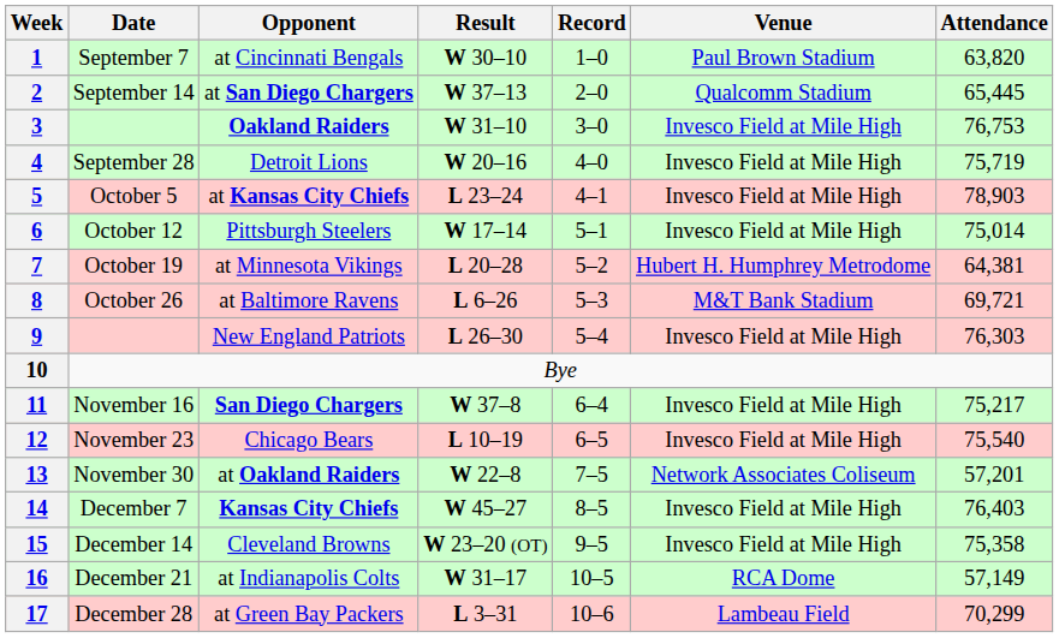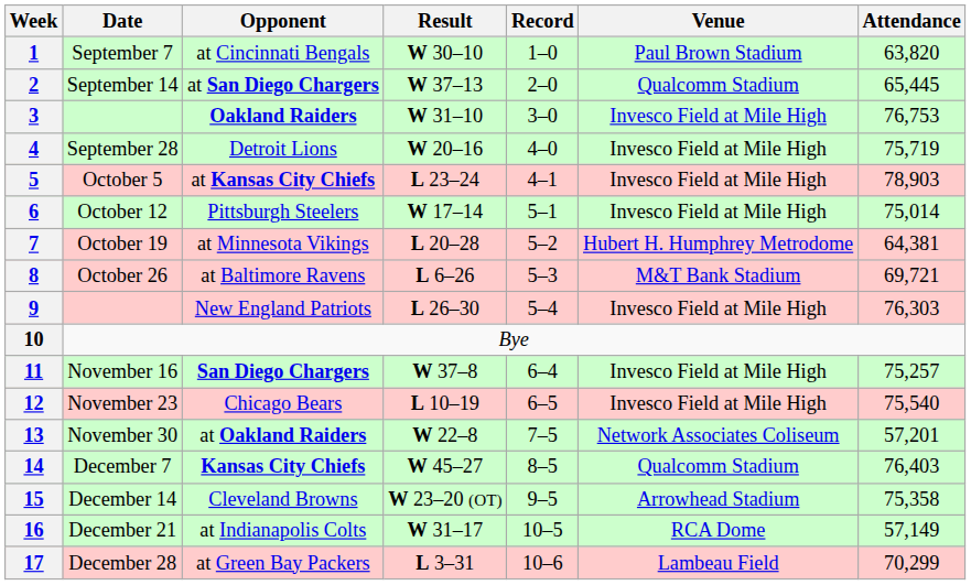 <table class="wikitable" style="text-align:center">
 <tr>
 <th>Week</th>
 <th>Date</th>
 <th>Opponent</th>
 <th>Result</th>
 <th>Record</th>
 <th>Venue</th>
 <th>Attendance</th>
 </tr>
 <tr style="background:#cfc">
 <th><a href='#'>1</a></th>
 <td>September 7</td>
 <td>at <a href='#'>Cincinnati Bengals</a></td>
 <td><strong>W</strong> 30–10</td>
 <td>1–0</td>
 <td><a href='#'>Paul Brown Stadium</a></td>
 <td>63,820</td>
 </tr>
 <tr style="background:#cfc">
 <th><a href='#'>2</a></th>
 <td>September 14</td>
 <td>at <strong><a href='#'>San Diego Chargers</a></strong></td>
 <td><strong>W</strong> 37–13</td>
 <td>2–0</td>
 <td><a href='#'>Qualcomm Stadium</a></td>
 <td>65,445</td>
 </tr>
 <tr style="background:#cfc">
 <th><a href='#'>3</a></th>
 <td></td>
 <td><strong><a href='#'>Oakland Raiders</a></strong></td>
 <td><strong>W</strong> 31–10</td>
 <td>3–0</td>
 <td><a href='#'>Invesco Field at Mile High</a></td>
 <td>76,753</td>
 </tr>
 <tr style="background:#cfc">
 <th><a href='#'>4</a></th>
 <td>September 28</td>
 <td><a href='#'>Detroit Lions</a></td>
 <td><strong>W</strong> 20–16</td>
 <td>4–0</td>
 <td>Invesco Field at Mile High</td>
 <td>75,719</td>
 </tr>
 <tr style="background:#fcc">
 <th><a href='#'>5</a></th>
 <td>October 5</td>
 <td>at <strong><a href='#'>Kansas City Chiefs</a></strong></td>
 <td><strong>L</strong> 23–24</td>
 <td>4–1</td>
 <td>Invesco Field at Mile High</td>
 <td>78,903</td>
 </tr>
 <tr style="background:#cfc">
 <th><a href='#'>6</a></th>
 <td>October 12</td>
 <td><a href='#'>Pittsburgh Steelers</a></td>
 <td><strong>W</strong> 17–14</td>
 <td>5–1</td>
 <td>Invesco Field at Mile High</td>
 <td>75,014</td>
 </tr>
 <tr style="background:#fcc">
 <th><a href='#'>7</a></th>
 <td>October 19</td>
 <td>at <a href='#'>Minnesota Vikings</a></td>
 <td><strong>L</strong> 20–28</td>
 <td>5–2</td>
 <td><a href='#'>Hubert H. Humphrey Metrodome</a></td>
 <td>64,381</td>
 </tr>
 <tr style="background:#fcc">
 <th><a href='#'>8</a></th>
 <td>October 26</td>
 <td>at <a href='#'>Baltimore Ravens</a></td>
 <td><strong>L</strong> 6–26</td>
 <td>5–3</td>
 <td><a href='#'>M&T Bank Stadium</a></td>
 <td>69,721</td>
 </tr>
 <tr style="background:#fcc">
 <th><a href='#'>9</a></th>
 <td></td>
 <td><a href='#'>New England Patriots</a></td>
 <td><strong>L</strong> 26–30</td>
 <td>5–4</td>
 <td>Invesco Field at Mile High</td>
 <td>76,303</td>
 </tr>
 <tr>
 <th>10</th>
 <td colspan=6 align="center"><em>Bye</em></td>
 </tr>
 <tr style="background:#cfc">
 <th><a href='#'>11</a></th>
 <td>November 16</td>
 <td><strong><a href='#'>San Diego Chargers</a></strong></td>
 <td><strong>W</strong> 37–8</td>
 <td>6–4</td>
 <td>Invesco Field at Mile High</td>
-<td>75,217</td>
+<td>75,257</td>
 </tr>
 <tr style="background:#fcc">
 <th><a href='#'>12</a></th>
 <td>November 23</td>
 <td><a href='#'>Chicago Bears</a></td>
 <td><strong>L</strong> 10–19</td>
 <td>6–5</td>
 <td>Invesco Field at Mile High</td>
 <td>75,540</td>
 </tr>
 <tr style="background:#cfc">
 <th><a href='#'>13</a></th>
 <td>November 30</td>
 <td>at <strong><a href='#'>Oakland Raiders</a></strong></td>
 <td><strong>W</strong> 22–8</td>
 <td>7–5</td>
 <td><a href='#'>Network Associates Coliseum</a></td>
 <td>57,201</td>
 </tr>
 <tr style="background:#cfc">
 <th><a href='#'>14</a></th>
 <td>December 7</td>
 <td><strong><a href='#'>Kansas City Chiefs</a></strong></td>
 <td><strong>W</strong> 45–27</td>
 <td>8–5</td>
-<td>Invesco Field at Mile High</td>
+<td><a href='#'>Qualcomm Stadium</a></td>
 <td>76,403</td>
 </tr>
 <tr style="background:#cfc">
 <th><a href='#'>15</a></th>
 <td>December 14</td>
 <td><a href='#'>Cleveland Browns</a></td>
 <td><strong>W</strong> 23–20 <small>(OT)</small></td>
 <td>9–5</td>
-<td>Invesco Field at Mile High</td>
+<td><a href='#'>Arrowhead Stadium</a></td>
 <td>75,358</td>
 </tr>
 <tr style="background:#cfc">
 <th><a href='#'>16</a></th>
 <td>December 21</td>
 <td>at <a href='#'>Indianapolis Colts</a></td>
 <td><strong>W</strong> 31–17</td>
 <td>10–5</td>
 <td><a href='#'>RCA Dome</a></td>
 <td>57,149</td>
 </tr>
 <tr style="background:#fcc">
 <th><a href='#'>17</a></th>
 <td>December 28</td>
 <td>at <a href='#'>Green Bay Packers</a></td>
 <td><strong>L</strong> 3–31</td>
 <td>10–6</td>
 <td><a href='#'>Lambeau Field</a></td>
 <td>70,299</td>
 </tr>
 </table>
